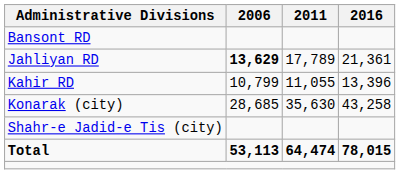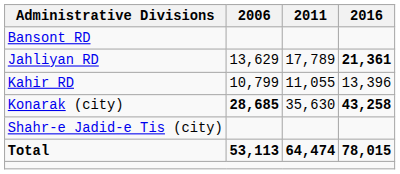 <table class="wikitable">
 <tr>
 <th>Administrative Divisions</th>
 <th>2006</th>
 <th>2011</th>
 <th>2016</th>
 </tr>
 <tr>
 <td><a href='#'>Bansont RD</a></td>
 <td style="text-align: right;"></td>
 <td style="text-align: right;"></td>
 <td style="text-align: right;"></td>
 </tr>
 <tr>
 <td><a href='#'>Jahliyan RD</a></td>
-<td style="text-align: right;"><strong>13,629</strong></td>
+<td style="text-align: right;">13,629</td>
 <td style="text-align: right;">17,789</td>
-<td style="text-align: right;">21,361</td>
+<td style="text-align: right;"><strong>21,361</strong></td>
 </tr>
 <tr>
 <td><a href='#'>Kahir RD</a></td>
 <td style="text-align: right;">10,799</td>
 <td style="text-align: right;">11,055</td>
 <td style="text-align: right;">13,396</td>
 </tr>
 <tr>
 <td><a href='#'>Konarak</a> (city)</td>
-<td style="text-align: right;">28,685</td>
+<td style="text-align: right;"><strong>28,685</strong></td>
 <td style="text-align: right;">35,630</td>
-<td style="text-align: right;">43,258</td>
+<td style="text-align: right;"><strong>43,258</strong></td>
 </tr>
 <tr>
 <td><a href='#'>Shahr-e Jadid-e Tis</a> (city)</td>
 <td style="text-align: right;"></td>
 <td style="text-align: right;"></td>
 <td style="text-align: right;"></td>
 </tr>
 <tr>
 <td><strong>Total</strong></td>
 <td style="text-align: right;"><strong>53,113</strong></td>
 <td style="text-align: right;"><strong>64,474</strong></td>
 <td style="text-align: right;"><strong>78,015</strong></td>
 </tr>
 <tr>
 <td colspan=4></td>
 </tr>
 </table>
